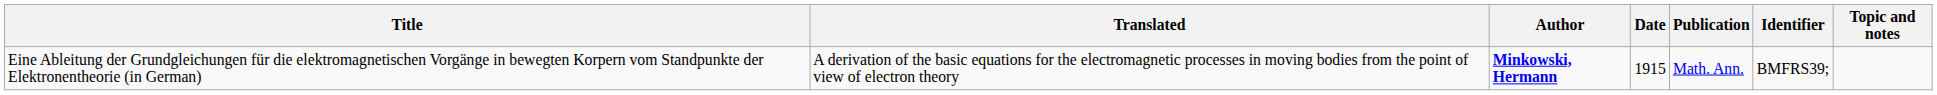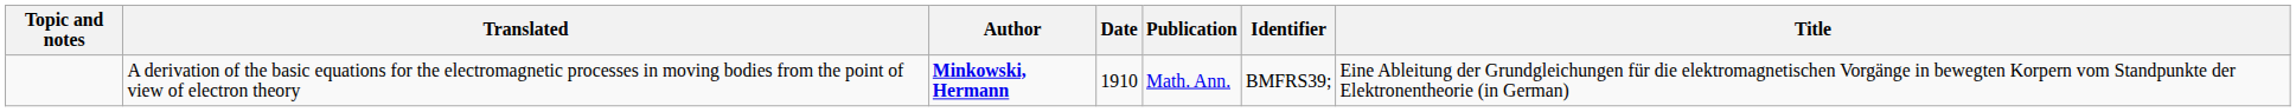 <table class="wikitable sortable" width="auto" style="text-align: left">
 <tr>
-<th>Title</th>
+<th>Topic and notes</th>
 <th>Translated</th>
 <th>Author</th>
 <th>Date</th>
 <th>Publication</th>
 <th>Identifier</th>
-<th>Topic and notes</th>
+<th>Title</th>
 </tr>
 <tr>
-<td>Eine Ableitung der Grundgleichungen für die elektromagnetischen Vorgänge in bewegten Korpern vom Standpunkte der Elektronentheorie (in German)</td>
+<td></td>
 <td>A derivation of the basic equations for the electromagnetic processes in moving bodies from the point of view of electron theory</td>
 <td><strong><a href='#'>Minkowski, Hermann</a></strong></td>
-<td>1915</td>
+<td>1910</td>
 <td><a href='#'>Math. Ann.</a></td>
 <td>BMFRS39; </td>
-<td></td>
+<td>Eine Ableitung der Grundgleichungen für die elektromagnetischen Vorgänge in bewegten Korpern vom Standpunkte der Elektronentheorie (in German)</td>
 </tr>
 </table>
